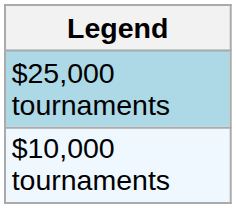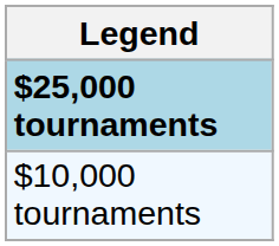 <table class="wikitable"  style="font-size:90%; width:13%;">
 <tr>
 <th>Legend</th>
 </tr>
 <tr style="background:lightblue;">
-<td>$25,000 tournaments</td>
+<td><strong>$25,000 tournaments</strong></td>
 </tr>
 <tr style="background:#f0f8ff;">
 <td>$10,000 tournaments</td>
 </tr>
 </table>
